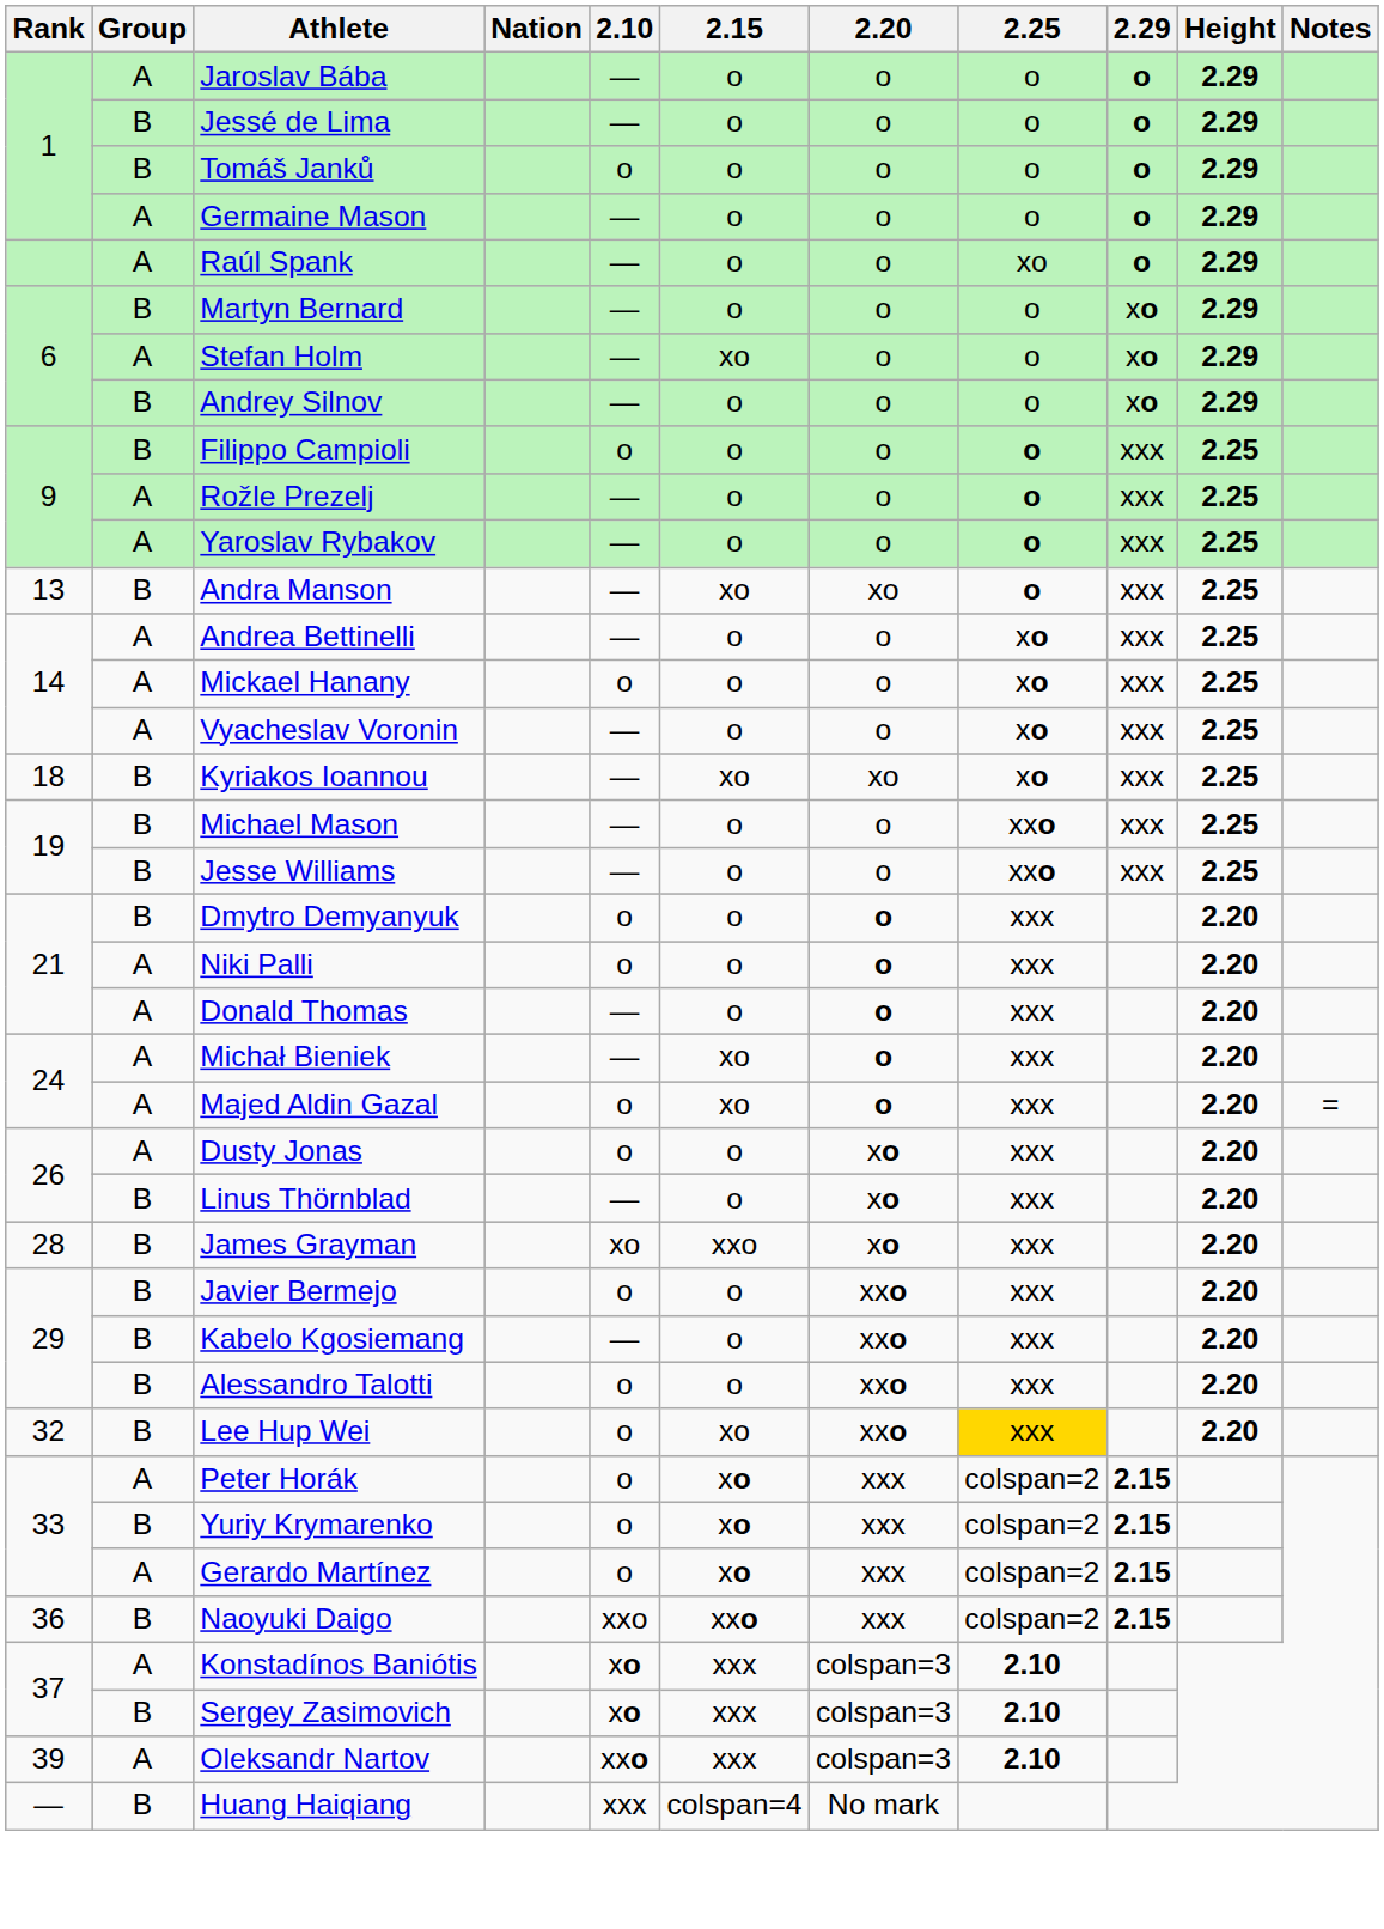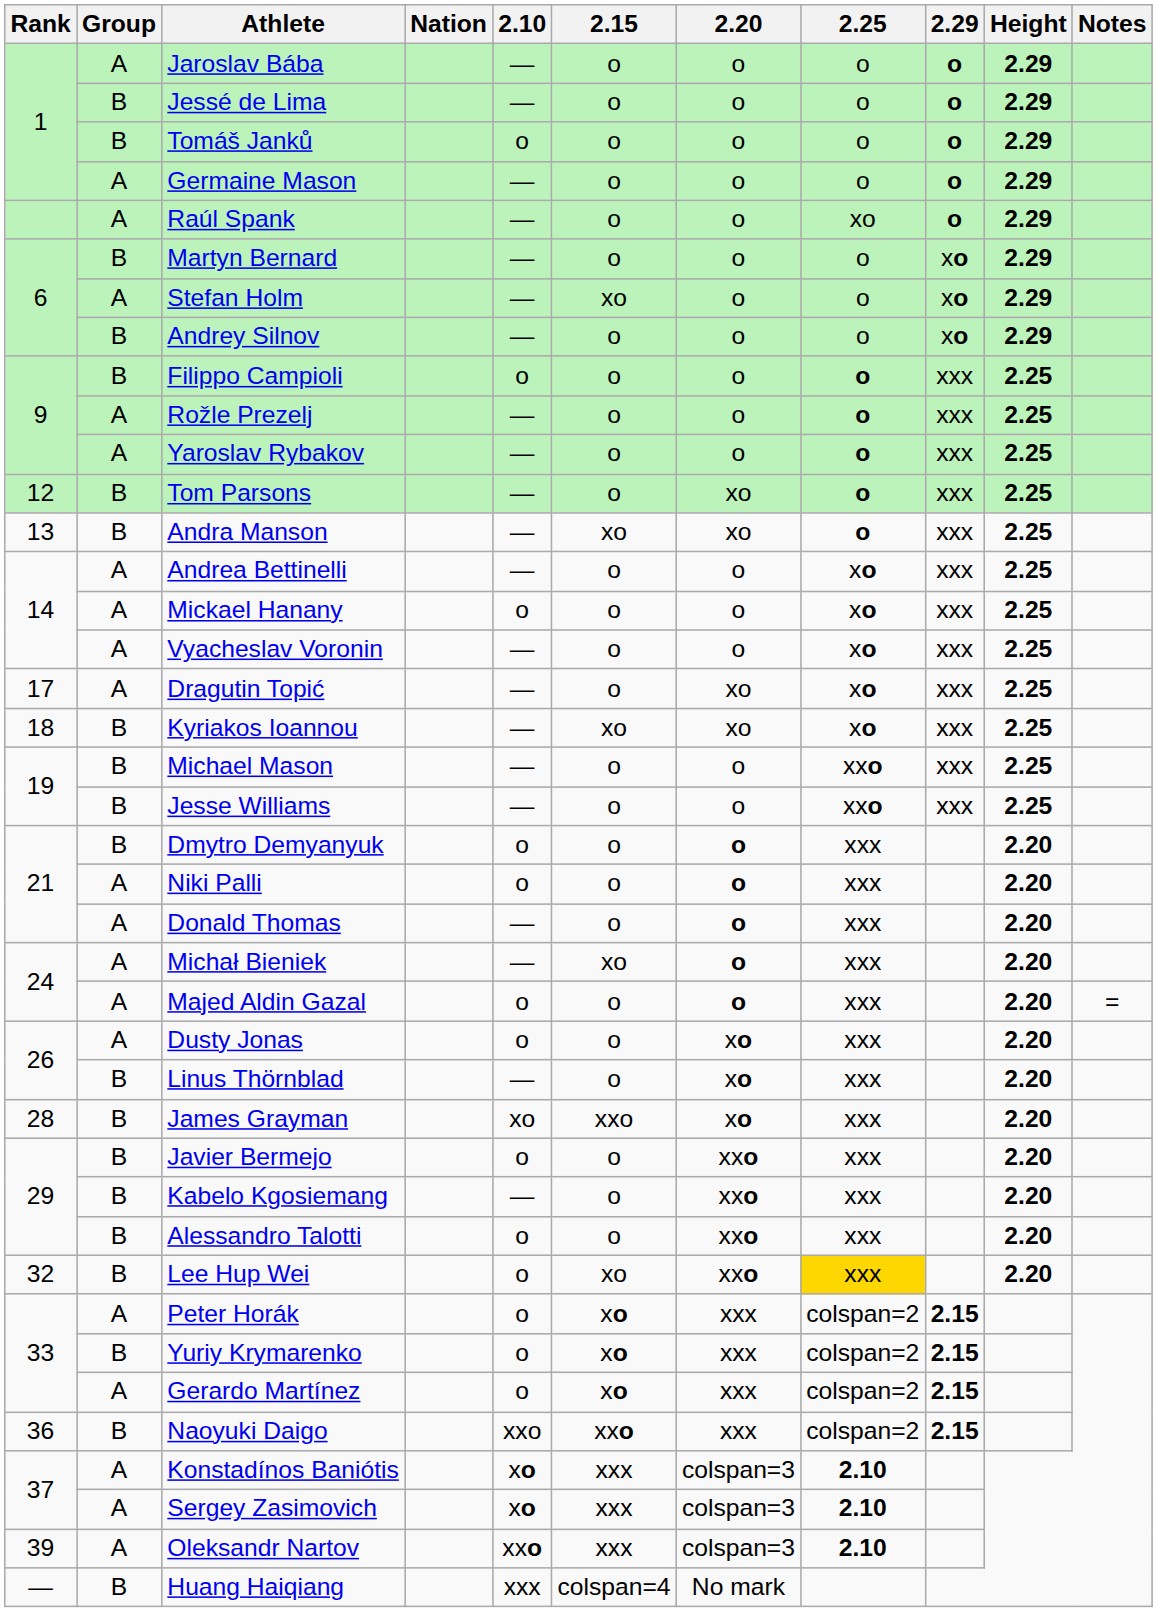 <table class="wikitable sortable" style="text-align:center">
 <tr>
 <th>Rank</th>
 <th>Group</th>
 <th>Athlete</th>
 <th>Nation</th>
 <th>2.10</th>
 <th>2.15</th>
 <th>2.20</th>
 <th>2.25</th>
 <th>2.29</th>
 <th>Height</th>
 <th>Notes</th>
 </tr>
 <tr bgcolor=bbf3bb>
 <td rowspan=4>1</td>
 <td>A</td>
 <td align="left"><a href='#'>Jaroslav Bába</a></td>
 <td align="left"></td>
 <td>—</td>
 <td>o</td>
 <td>o</td>
 <td>o</td>
 <td><strong>o</strong></td>
 <td><strong>2.29</strong></td>
 <td></td>
 </tr>
 <tr bgcolor=bbf3bb>
 <td>B</td>
 <td align="left"><a href='#'>Jessé de Lima</a></td>
 <td align="left"></td>
 <td>—</td>
 <td>o</td>
 <td>o</td>
 <td>o</td>
 <td><strong>o</strong></td>
 <td><strong>2.29</strong></td>
 <td></td>
 </tr>
 <tr bgcolor=bbf3bb>
 <td>B</td>
 <td align="left"><a href='#'>Tomáš Janků</a></td>
 <td align="left"></td>
 <td>o</td>
 <td>o</td>
 <td>o</td>
 <td>o</td>
 <td><strong>o</strong></td>
 <td><strong>2.29</strong></td>
 <td></td>
 </tr>
 <tr bgcolor=bbf3bb>
 <td>A</td>
 <td align="left"><a href='#'>Germaine Mason</a></td>
 <td align="left"></td>
 <td>—</td>
 <td>o</td>
 <td>o</td>
 <td>o</td>
 <td><strong>o</strong></td>
 <td><strong>2.29</strong></td>
 <td></td>
 </tr>
 <tr bgcolor=bbf3bb>
 <td></td>
 <td>A</td>
 <td align="left"><a href='#'>Raúl Spank</a></td>
 <td align="left"></td>
 <td>—</td>
 <td>o</td>
 <td>o</td>
 <td>xo</td>
 <td><strong>o</strong></td>
 <td><strong>2.29</strong></td>
 <td></td>
 </tr>
 <tr bgcolor=bbf3bb>
 <td rowspan=3>6</td>
 <td>B</td>
 <td align="left"><a href='#'>Martyn Bernard</a></td>
 <td align="left"></td>
 <td>—</td>
 <td>o</td>
 <td>o</td>
 <td>o</td>
 <td>x<strong>o</strong></td>
 <td><strong>2.29</strong></td>
 <td></td>
 </tr>
 <tr bgcolor=bbf3bb>
 <td>A</td>
 <td align="left"><a href='#'>Stefan Holm</a></td>
 <td align="left"></td>
 <td>—</td>
 <td>xo</td>
 <td>o</td>
 <td>o</td>
 <td>x<strong>o</strong></td>
 <td><strong>2.29</strong></td>
 <td></td>
 </tr>
 <tr bgcolor=bbf3bb>
 <td>B</td>
 <td align="left"><a href='#'>Andrey Silnov</a></td>
 <td align="left"></td>
 <td>—</td>
 <td>o</td>
 <td>o</td>
 <td>o</td>
 <td>x<strong>o</strong></td>
 <td><strong>2.29</strong></td>
 <td></td>
 </tr>
 <tr bgcolor=bbf3bb>
 <td rowspan=3>9</td>
 <td>B</td>
 <td align="left"><a href='#'>Filippo Campioli</a></td>
 <td align="left"></td>
 <td>o</td>
 <td>o</td>
 <td>o</td>
 <td><strong>o</strong></td>
 <td>xxx</td>
 <td><strong>2.25</strong></td>
 <td></td>
 </tr>
 <tr bgcolor=bbf3bb>
 <td>A</td>
 <td align="left"><a href='#'>Rožle Prezelj</a></td>
 <td align="left"></td>
 <td>—</td>
 <td>o</td>
 <td>o</td>
 <td><strong>o</strong></td>
 <td>xxx</td>
 <td><strong>2.25</strong></td>
 <td></td>
 </tr>
 <tr bgcolor=bbf3bb>
 <td>A</td>
 <td align="left"><a href='#'>Yaroslav Rybakov</a></td>
 <td align="left"></td>
 <td>—</td>
 <td>o</td>
 <td>o</td>
 <td><strong>o</strong></td>
 <td>xxx</td>
 <td><strong>2.25</strong></td>
 <td></td>
 </tr>
+<tr bgcolor=bbf3bb>
+<td>12</td>
+<td>B</td>
+<td align="left"><a href='#'>Tom Parsons</a></td>
+<td align="left"></td>
+<td>—</td>
+<td>o</td>
+<td>xo</td>
+<td><strong>o</strong></td>
+<td>xxx</td>
+<td><strong>2.25</strong></td>
+<td></td>
+</tr>
 <tr>
 <td>13</td>
 <td>B</td>
 <td align="left"><a href='#'>Andra Manson</a></td>
 <td align="left"></td>
 <td>—</td>
 <td>xo</td>
 <td>xo</td>
 <td><strong>o</strong></td>
 <td>xxx</td>
 <td><strong>2.25</strong></td>
 <td></td>
 </tr>
 <tr>
 <td rowspan=3>14</td>
 <td>A</td>
 <td align="left"><a href='#'>Andrea Bettinelli</a></td>
 <td align="left"></td>
 <td>—</td>
 <td>o</td>
 <td>o</td>
 <td>x<strong>o</strong></td>
 <td>xxx</td>
 <td><strong>2.25</strong></td>
 <td></td>
 </tr>
 <tr>
 <td>A</td>
 <td align="left"><a href='#'>Mickael Hanany</a></td>
 <td align="left"></td>
 <td>o</td>
 <td>o</td>
 <td>o</td>
 <td>x<strong>o</strong></td>
 <td>xxx</td>
 <td><strong>2.25</strong></td>
 <td></td>
 </tr>
 <tr>
 <td>A</td>
 <td align="left"><a href='#'>Vyacheslav Voronin</a></td>
 <td align="left"></td>
 <td>—</td>
 <td>o</td>
 <td>o</td>
+<td>x<strong>o</strong></td>
+<td>xxx</td>
+<td><strong>2.25</strong></td>
+<td></td>
+</tr>
+<tr>
+<td>17</td>
+<td>A</td>
+<td align="left"><a href='#'>Dragutin Topić</a></td>
+<td align="left"></td>
+<td>—</td>
+<td>o</td>
+<td>xo</td>
 <td>x<strong>o</strong></td>
 <td>xxx</td>
 <td><strong>2.25</strong></td>
 <td></td>
 </tr>
 <tr>
 <td>18</td>
 <td>B</td>
 <td align="left"><a href='#'>Kyriakos Ioannou</a></td>
 <td align="left"></td>
 <td>—</td>
 <td>xo</td>
 <td>xo</td>
 <td>x<strong>o</strong></td>
 <td>xxx</td>
 <td><strong>2.25</strong></td>
 <td></td>
 </tr>
 <tr>
 <td rowspan=2>19</td>
 <td>B</td>
 <td align="left"><a href='#'>Michael Mason</a></td>
 <td align="left"></td>
 <td>—</td>
 <td>o</td>
 <td>o</td>
 <td>xx<strong>o</strong></td>
 <td>xxx</td>
 <td><strong>2.25</strong></td>
 <td></td>
 </tr>
 <tr>
 <td>B</td>
 <td align="left"><a href='#'>Jesse Williams</a></td>
 <td align="left"></td>
 <td>—</td>
 <td>o</td>
 <td>o</td>
 <td>xx<strong>o</strong></td>
 <td>xxx</td>
 <td><strong>2.25</strong></td>
 <td></td>
 </tr>
 <tr>
 <td rowspan=3>21</td>
 <td>B</td>
 <td align="left"><a href='#'>Dmytro Demyanyuk</a></td>
 <td align="left"></td>
 <td>o</td>
 <td>o</td>
 <td><strong>o</strong></td>
 <td>xxx</td>
 <td></td>
 <td><strong>2.20</strong></td>
 <td></td>
 </tr>
 <tr>
 <td>A</td>
 <td align="left"><a href='#'>Niki Palli</a></td>
 <td align="left"></td>
 <td>o</td>
 <td>o</td>
 <td><strong>o</strong></td>
 <td>xxx</td>
 <td></td>
 <td><strong>2.20</strong></td>
 <td></td>
 </tr>
 <tr>
 <td>A</td>
 <td align="left"><a href='#'>Donald Thomas</a></td>
 <td align="left"></td>
 <td>—</td>
 <td>o</td>
 <td><strong>o</strong></td>
 <td>xxx</td>
 <td></td>
 <td><strong>2.20</strong></td>
 <td></td>
 </tr>
 <tr>
 <td rowspan=2>24</td>
 <td>A</td>
 <td align="left"><a href='#'>Michał Bieniek</a></td>
 <td align="left"></td>
 <td>—</td>
 <td>xo</td>
 <td><strong>o</strong></td>
 <td>xxx</td>
 <td></td>
 <td><strong>2.20</strong></td>
 <td></td>
 </tr>
 <tr>
 <td>A</td>
 <td align="left"><a href='#'>Majed Aldin Gazal</a></td>
 <td align="left"></td>
 <td>o</td>
-<td>xo</td>
+<td>o</td>
 <td><strong>o</strong></td>
 <td>xxx</td>
 <td></td>
 <td><strong>2.20</strong></td>
 <td>=</td>
 </tr>
 <tr>
 <td rowspan=2>26</td>
 <td>A</td>
 <td align="left"><a href='#'>Dusty Jonas</a></td>
 <td align="left"></td>
 <td>o</td>
 <td>o</td>
 <td>x<strong>o</strong></td>
 <td>xxx</td>
 <td></td>
 <td><strong>2.20</strong></td>
 <td></td>
 </tr>
 <tr>
 <td>B</td>
 <td align="left"><a href='#'>Linus Thörnblad</a></td>
 <td align="left"></td>
 <td>—</td>
 <td>o</td>
 <td>x<strong>o</strong></td>
 <td>xxx</td>
 <td></td>
 <td><strong>2.20</strong></td>
 <td></td>
 </tr>
 <tr>
 <td>28</td>
 <td>B</td>
 <td align="left"><a href='#'>James Grayman</a></td>
 <td align="left"></td>
 <td>xo</td>
 <td>xxo</td>
 <td>x<strong>o</strong></td>
 <td>xxx</td>
 <td></td>
 <td><strong>2.20</strong></td>
 <td></td>
 </tr>
 <tr>
 <td rowspan=3>29</td>
 <td>B</td>
 <td align="left"><a href='#'>Javier Bermejo</a></td>
 <td align="left"></td>
 <td>o</td>
 <td>o</td>
 <td>xx<strong>o</strong></td>
 <td>xxx</td>
 <td></td>
 <td><strong>2.20</strong></td>
 <td></td>
 </tr>
 <tr>
 <td>B</td>
 <td align="left"><a href='#'>Kabelo Kgosiemang</a></td>
 <td align="left"></td>
 <td>—</td>
 <td>o</td>
 <td>xx<strong>o</strong></td>
 <td>xxx</td>
 <td></td>
 <td><strong>2.20</strong></td>
 <td></td>
 </tr>
 <tr>
 <td>B</td>
 <td align="left"><a href='#'>Alessandro Talotti</a></td>
 <td align="left"></td>
 <td>o</td>
 <td>o</td>
 <td>xx<strong>o</strong></td>
 <td>xxx</td>
 <td></td>
 <td><strong>2.20</strong></td>
 <td></td>
 </tr>
 <tr>
 <td>32</td>
 <td>B</td>
 <td align="left"><a href='#'>Lee Hup Wei</a></td>
 <td align="left"></td>
 <td>o</td>
 <td>xo</td>
 <td>xx<strong>o</strong></td>
 <td style="background: gold;">xxx</td>
 <td></td>
 <td><strong>2.20</strong></td>
 <td></td>
 </tr>
 <tr>
 <td rowspan=3>33</td>
 <td>A</td>
 <td align="left"><a href='#'>Peter Horák</a></td>
 <td align="left"></td>
 <td>o</td>
 <td>x<strong>o</strong></td>
 <td>xxx</td>
 <td>colspan=2 </td>
 <td><strong>2.15</strong></td>
 <td></td>
 </tr>
 <tr>
 <td>B</td>
 <td align="left"><a href='#'>Yuriy Krymarenko</a></td>
 <td align="left"></td>
 <td>o</td>
 <td>x<strong>o</strong></td>
 <td>xxx</td>
 <td>colspan=2 </td>
 <td><strong>2.15</strong></td>
 <td></td>
 </tr>
 <tr>
 <td>A</td>
 <td align="left"><a href='#'>Gerardo Martínez</a></td>
 <td align="left"></td>
 <td>o</td>
 <td>x<strong>o</strong></td>
 <td>xxx</td>
 <td>colspan=2 </td>
 <td><strong>2.15</strong></td>
 <td></td>
 </tr>
 <tr>
 <td>36</td>
 <td>B</td>
 <td align="left"><a href='#'>Naoyuki Daigo</a></td>
 <td align="left"></td>
 <td>xxo</td>
 <td>xx<strong>o</strong></td>
 <td>xxx</td>
 <td>colspan=2 </td>
 <td><strong>2.15</strong></td>
 <td></td>
 </tr>
 <tr>
 <td rowspan=2>37</td>
 <td>A</td>
 <td align="left"><a href='#'>Konstadínos Baniótis</a></td>
 <td align="left"></td>
 <td>x<strong>o</strong></td>
 <td>xxx</td>
 <td>colspan=3 </td>
 <td><strong>2.10</strong></td>
 <td></td>
 </tr>
 <tr>
-<td>B</td>
+<td>A</td>
 <td align="left"><a href='#'>Sergey Zasimovich</a></td>
 <td align="left"></td>
 <td>x<strong>o</strong></td>
 <td>xxx</td>
 <td>colspan=3 </td>
 <td><strong>2.10</strong></td>
 <td></td>
 </tr>
 <tr>
 <td>39</td>
 <td>A</td>
 <td align="left"><a href='#'>Oleksandr Nartov</a></td>
 <td align="left"></td>
 <td>xx<strong>o</strong></td>
 <td>xxx</td>
 <td>colspan=3 </td>
 <td><strong>2.10</strong></td>
 <td></td>
 </tr>
 <tr>
 <td data-sort-value=40>—</td>
 <td>B</td>
 <td align="left"><a href='#'>Huang Haiqiang</a></td>
 <td align="left"></td>
 <td>xxx</td>
 <td>colspan=4 </td>
 <td data-sort-value=1.00>No mark</td>
 <td></td>
 </tr>
 </table>
